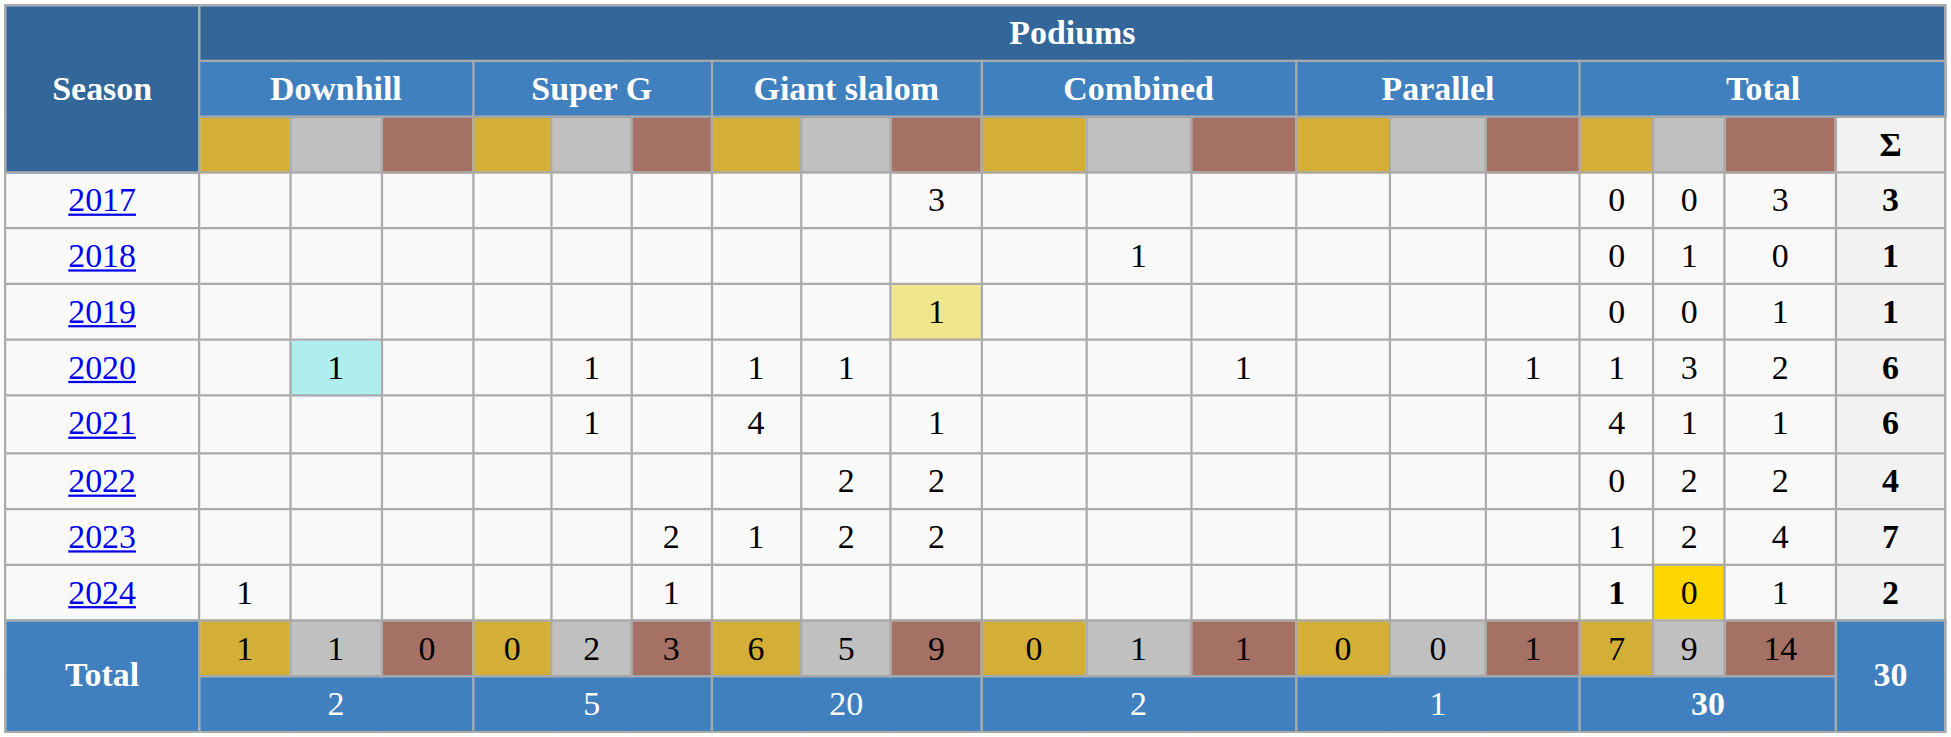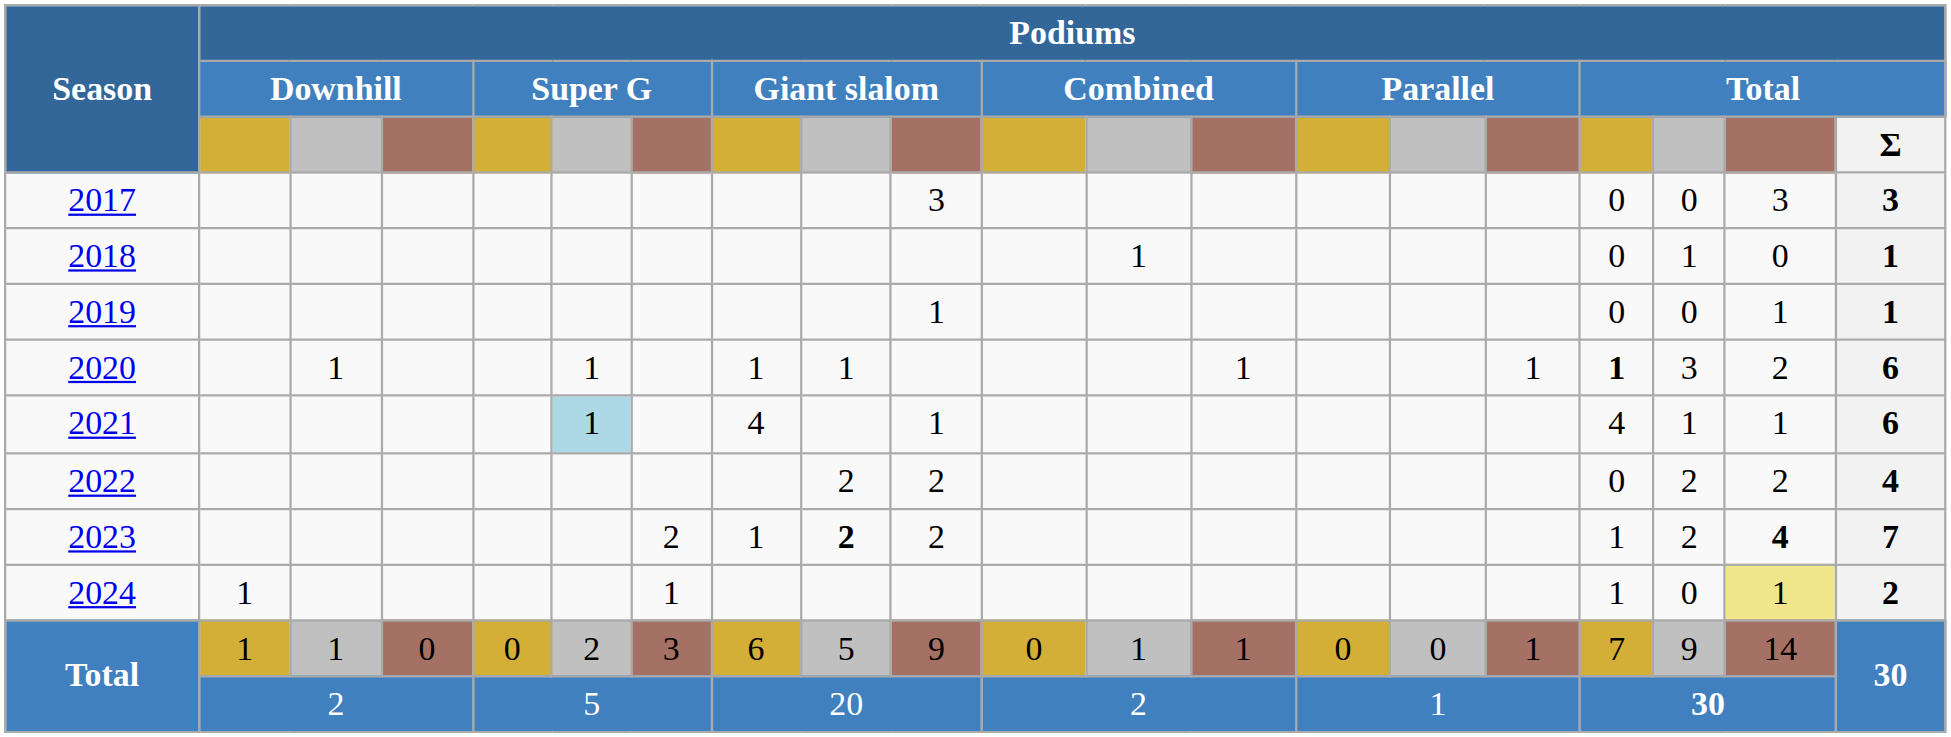 <table class="wikitable" style="font-size:95%; text-align:center; border:grey solid 1px; border-collapse:collapse;" width="55%">
 <tr style="background-color:#369; color:white;">
 <td rowspan="3" colspan="1" width="10%"><strong>Season</strong></td>
 <td colspan="19"><strong>Podiums</strong></td>
 </tr>
 <tr style="background-color:#4180be; color:white;">
 <th style="background:#4180be;" width="300" colspan="3">Downhill</th>
 <th style="background:#4180be;" width="300" colspan="3">Super G</th>
 <th style="background:#4180be;" width="350" colspan="3">Giant slalom</th>
 <th style="background:#4180be;" width="350" colspan="3">Combined</th>
 <th style="background:#4180be;" width="350" colspan="3">Parallel</th>
 <th style="background:#4180be;" width="450" colspan="4">Total</th>
 </tr>
 <tr>
 <td align="center" bgcolor="#d4af37"></td>
 <td align="center" bgcolor="silver"></td>
 <td align="center" bgcolor="#a57164"></td>
 <td align="center" bgcolor="#d4af37"></td>
 <td align="center" bgcolor="silver"></td>
 <td align="center" bgcolor="#a57164"></td>
 <td align="center" bgcolor="#d4af37"></td>
 <td align="center" bgcolor="silver"></td>
 <td align="center" bgcolor="#a57164"></td>
 <td align="center" bgcolor="#d4af37"></td>
 <td align="center" bgcolor="silver"></td>
 <td align="center" bgcolor="#a57164"></td>
 <td align="center" bgcolor="#d4af37"></td>
 <td align="center" bgcolor="silver"></td>
 <td align="center" bgcolor="#a57164"></td>
 <td align="center" bgcolor="#d4af37"></td>
 <td align="center" bgcolor="silver"></td>
 <td align="center" bgcolor="#a57164"></td>
 <th>Σ</th>
 </tr>
 <tr>
 <td align="center"><a href='#'>2017</a></td>
 <td></td>
 <td></td>
 <td></td>
 <td></td>
 <td></td>
 <td></td>
 <td></td>
 <td></td>
 <td>3</td>
 <td></td>
 <td></td>
 <td></td>
 <td></td>
 <td></td>
 <td></td>
 <td>0</td>
 <td>0</td>
 <td>3</td>
 <th>3</th>
 </tr>
 <tr>
 <td align="center"><a href='#'>2018</a></td>
 <td></td>
 <td></td>
 <td></td>
 <td></td>
 <td></td>
 <td></td>
 <td></td>
 <td></td>
 <td></td>
 <td></td>
 <td>1</td>
 <td></td>
 <td></td>
 <td></td>
 <td></td>
 <td>0</td>
 <td>1</td>
 <td>0</td>
 <th>1</th>
 </tr>
 <tr>
 <td align="center"><a href='#'>2019</a></td>
 <td></td>
 <td></td>
 <td></td>
 <td></td>
 <td></td>
 <td></td>
 <td></td>
 <td></td>
-<td style="background: khaki;">1</td>
+<td>1</td>
 <td></td>
 <td></td>
 <td></td>
 <td></td>
 <td></td>
 <td></td>
 <td>0</td>
 <td>0</td>
 <td>1</td>
 <th>1</th>
 </tr>
 <tr>
 <td align="center"><a href='#'>2020</a></td>
 <td></td>
-<td style="background: paleturquoise;">1</td>
+<td>1</td>
 <td></td>
 <td></td>
 <td>1</td>
 <td></td>
 <td>1</td>
 <td>1</td>
 <td></td>
 <td></td>
 <td></td>
 <td>1</td>
 <td></td>
 <td></td>
 <td>1</td>
-<td>1</td>
+<td><strong>1</strong></td>
 <td>3</td>
 <td>2</td>
 <th>6</th>
 </tr>
 <tr>
 <td align="center"><a href='#'>2021</a></td>
 <td></td>
 <td></td>
 <td></td>
 <td></td>
-<td>1</td>
+<td style="background: lightblue;">1</td>
 <td></td>
 <td>4</td>
 <td></td>
 <td>1</td>
 <td></td>
 <td></td>
 <td></td>
 <td></td>
 <td></td>
 <td></td>
 <td>4</td>
 <td>1</td>
 <td>1</td>
 <th>6</th>
 </tr>
 <tr>
 <td align="center"><a href='#'>2022</a></td>
 <td></td>
 <td></td>
 <td></td>
 <td></td>
 <td></td>
 <td></td>
 <td></td>
 <td>2</td>
 <td>2</td>
 <td></td>
 <td></td>
 <td></td>
 <td></td>
 <td></td>
 <td></td>
 <td>0</td>
 <td>2</td>
 <td>2</td>
 <th>4</th>
 </tr>
 <tr>
 <td align="center"><a href='#'>2023</a></td>
 <td></td>
 <td></td>
 <td></td>
 <td></td>
 <td></td>
 <td>2</td>
 <td>1</td>
-<td>2</td>
+<td><strong>2</strong></td>
 <td>2</td>
 <td></td>
 <td></td>
 <td></td>
 <td></td>
 <td></td>
 <td></td>
 <td>1</td>
 <td>2</td>
-<td>4</td>
+<td><strong>4</strong></td>
 <th>7</th>
 </tr>
 <tr>
 <td align="center"><a href='#'>2024</a></td>
 <td>1</td>
 <td></td>
 <td></td>
 <td></td>
 <td></td>
 <td>1</td>
 <td></td>
 <td></td>
 <td></td>
 <td></td>
 <td></td>
 <td></td>
 <td></td>
 <td></td>
 <td></td>
-<td><strong>1</strong></td>
-<td style="background: gold;">0</td>
 <td>1</td>
+<td>0</td>
+<td style="background: khaki;">1</td>
 <th>2</th>
 </tr>
 <tr>
 <td rowspan="2" style="background-color:#4180be; color:white; width=100;"><strong>Total </strong></td>
 <td bgcolor="#d4af37">1</td>
 <td bgcolor="silver">1</td>
 <td bgcolor="#a57164">0</td>
 <td bgcolor="#d4af37">0</td>
 <td bgcolor="silver">2</td>
 <td bgcolor="#a57164">3</td>
 <td bgcolor="#d4af37">6</td>
 <td bgcolor="silver">5</td>
 <td bgcolor="#a57164">9</td>
 <td bgcolor="#d4af37">0</td>
 <td bgcolor="silver">1</td>
 <td bgcolor="#a57164">1</td>
 <td bgcolor="#d4af37">0</td>
 <td bgcolor="silver">0</td>
 <td bgcolor="#a57164">1</td>
 <td bgcolor="#d4af37">7</td>
 <td bgcolor="silver">9</td>
 <td bgcolor="#a57164">14</td>
 <td rowspan="2" style="background-color:#4180be; color:white; width=100;"><strong>30</strong></td>
 </tr>
 <tr>
 <td style="background-color:#4180be; color:white; width=100;" colspan="3">2</td>
 <td style="background-color:#4180be; color:white; width=100;" colspan="3">5</td>
 <td style="background-color:#4180be; color:white; width=100;" colspan="3">20</td>
 <td style="background-color:#4180be; color:white; width=100;" colspan="3">2</td>
 <td style="background-color:#4180be; color:white; width=100;" colspan="3">1</td>
 <td style="background-color:#4180be; color:white; width=100;" colspan="3"><strong>30</strong></td>
 </tr>
 </table>
